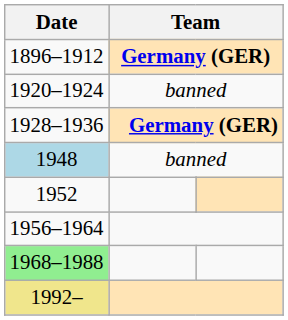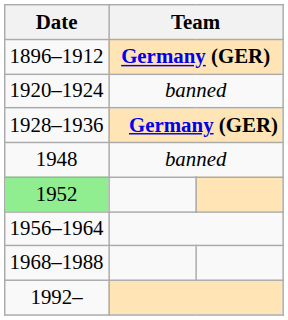 <table class="wikitable" style="text-align:center; font-size:90%;">
 <tr>
 <th>Date</th>
 <th colspan=3>Team</th>
 </tr>
 <tr>
 <td>1896–1912</td>
 <td colspan=3 style= "background:moccasin"><strong> <a href='#'>Germany</a> (GER)</strong></td>
 </tr>
 <tr>
 <td>1920–1924</td>
 <td colspan=3><em>banned</em></td>
 </tr>
 <tr>
 <td>1928–1936</td>
 <td colspan=3 style= "background:moccasin"><strong>   <a href='#'>Germany</a> (GER)</strong></td>
 </tr>
 <tr>
-<td style="background: lightblue;">1948</td>
+<td>1948</td>
 <td colspan=3><em>banned</em></td>
 </tr>
 <tr>
-<td>1952</td>
+<td style="background: lightgreen;">1952</td>
 <td></td>
 <td colspan=2 style= "background:moccasin"></td>
 </tr>
 <tr>
 <td>1956–1964</td>
 <td colspan=3></td>
 </tr>
 <tr>
-<td style="background: lightgreen;">1968–1988</td>
+<td>1968–1988</td>
 <td colspan=2></td>
 <td></td>
 </tr>
 <tr>
-<td style="background: khaki;">1992–</td>
+<td>1992–</td>
 <td colspan=3 style= "background:moccasin"><strong></strong></td>
 </tr>
 </table>
